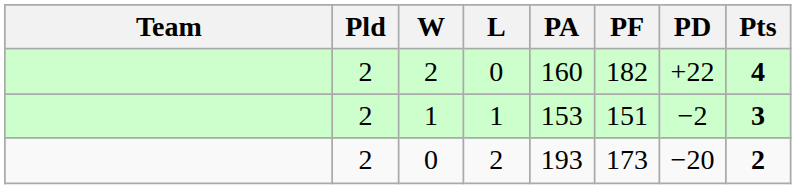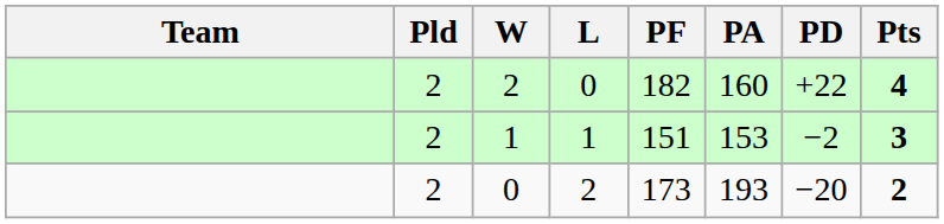 <table class=wikitable style="text-align:center">
 <tr>
 <th width=180>Team</th>
 <th width=30>Pld</th>
 <th width=30>W</th>
 <th width=30>L</th>
+<th width=30>PF</th>
 <th width=30>PA</th>
-<th width=30>PF</th>
 <th width=30>PD</th>
 <th width=30>Pts</th>
 </tr>
 <tr bgcolor="#ccffcc">
 <td align="left"></td>
 <td>2</td>
 <td>2</td>
 <td>0</td>
+<td>182</td>
 <td>160</td>
-<td>182</td>
 <td>+22</td>
 <td><strong>4</strong></td>
 </tr>
 <tr bgcolor="#ccffcc">
 <td align="left"></td>
 <td>2</td>
 <td>1</td>
 <td>1</td>
+<td>151</td>
 <td>153</td>
-<td>151</td>
 <td>−2</td>
 <td><strong>3</strong></td>
 </tr>
 <tr>
 <td align="left"></td>
 <td>2</td>
 <td>0</td>
 <td>2</td>
+<td>173</td>
 <td>193</td>
-<td>173</td>
 <td>−20</td>
 <td><strong>2</strong></td>
 </tr>
 </table>
